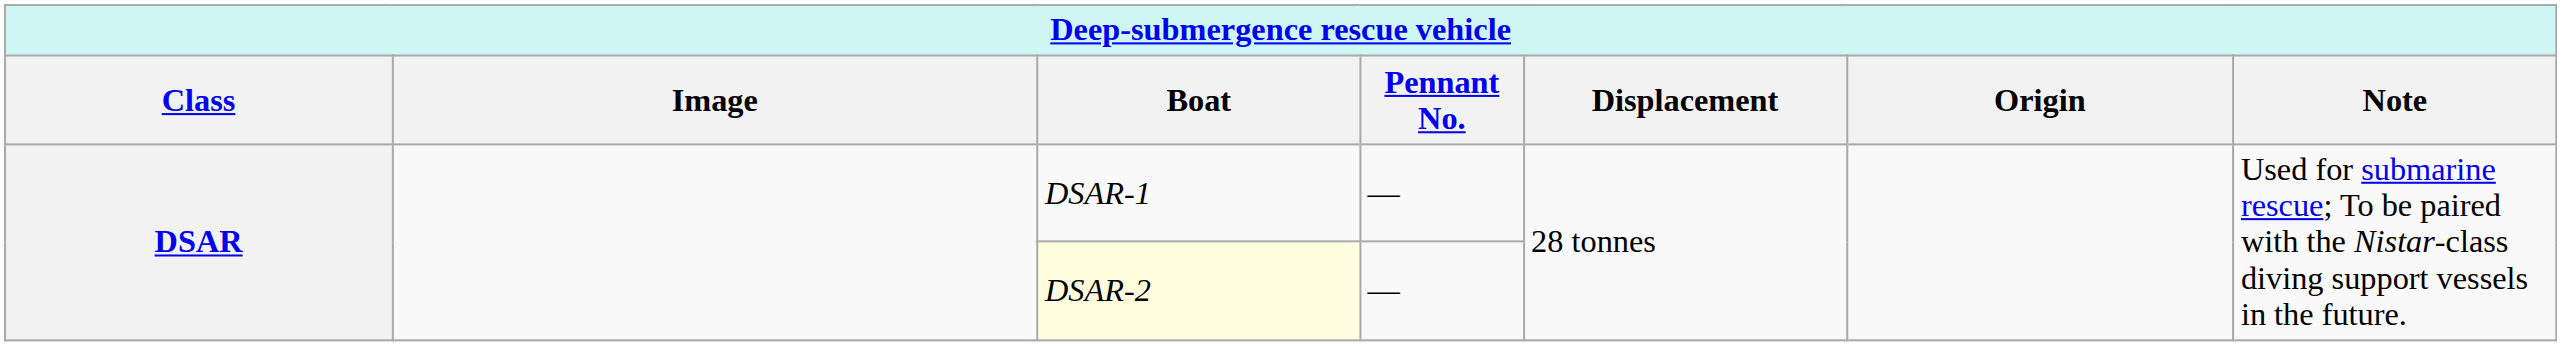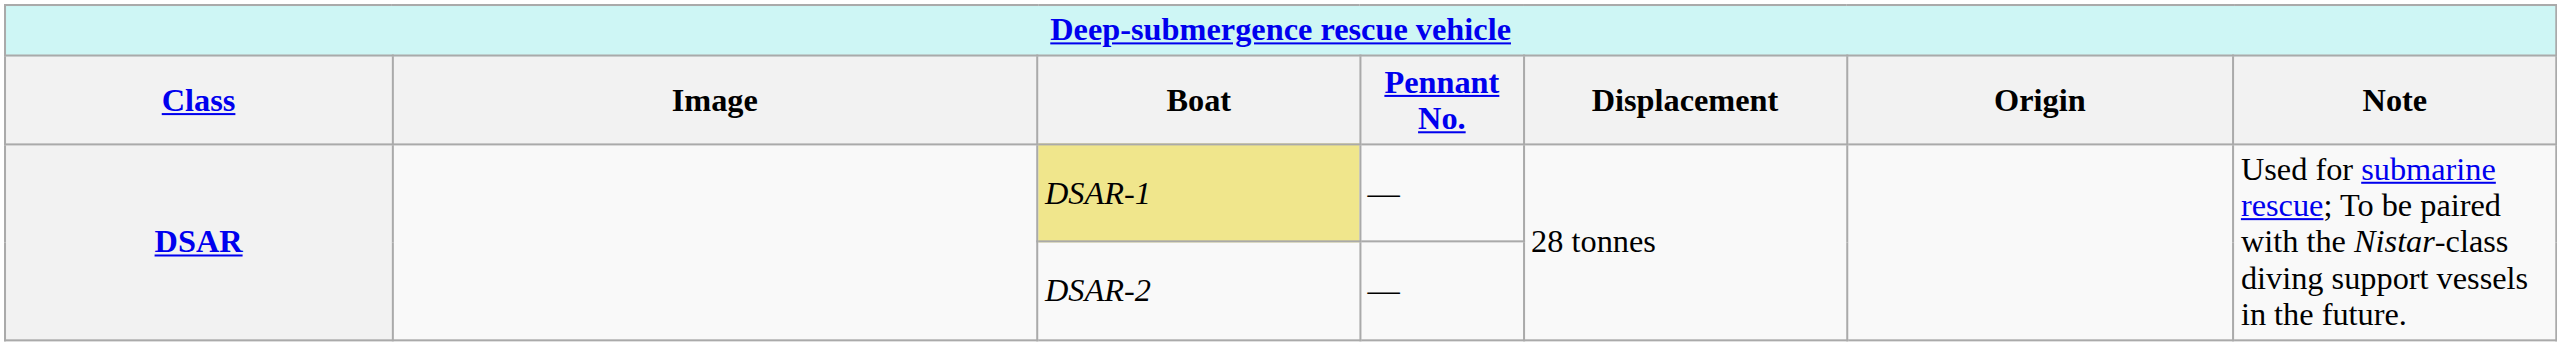 <table class="wikitable" style="margin:auto; width:100%;">
 <tr>
 <th colspan="7" style="align: center; background: #CEF6F5;"><a href='#'>Deep-submergence rescue vehicle</a></th>
 </tr>
 <tr>
 <th style="text-align:center; width:12%;"><a href='#'>Class</a></th>
 <th style="text-align:center; width:20%;">Image</th>
 <th style="text-align:center; width:10%;">Boat</th>
 <th style="text-align:center; width:5%;"><a href='#'>Pennant No.</a></th>
 <th style="text-align:center; width:10%;">Displacement</th>
 <th style="text-align:center; width:12%;">Origin</th>
 <th style="text-align:center; width:10%;">Note</th>
 </tr>
 <tr>
 <th rowspan="2"><a href='#'>DSAR</a></th>
 <td rowspan="2"></td>
-<td><em>DSAR-1</em></td>
+<td style="background: khaki;"><em>DSAR-1</em></td>
 <td>—</td>
 <td rowspan="2">28 tonnes</td>
 <td rowspan="2"></td>
 <td rowspan="2">Used for <a href='#'>submarine rescue</a>; To be paired with the <em>Nistar</em>-class diving support vessels in the future.</td>
 </tr>
 <tr>
-<td style="background: lightyellow;"><em>DSAR-2</em></td>
+<td><em>DSAR-2</em></td>
 <td>—</td>
 </tr>
 </table>
